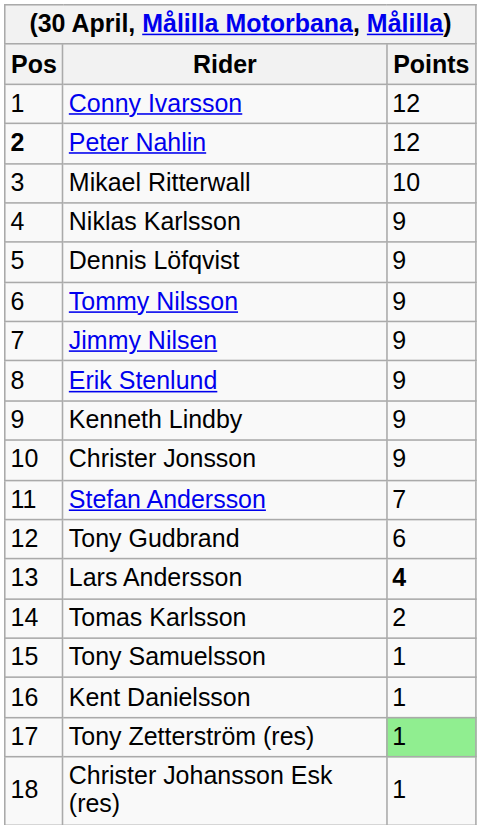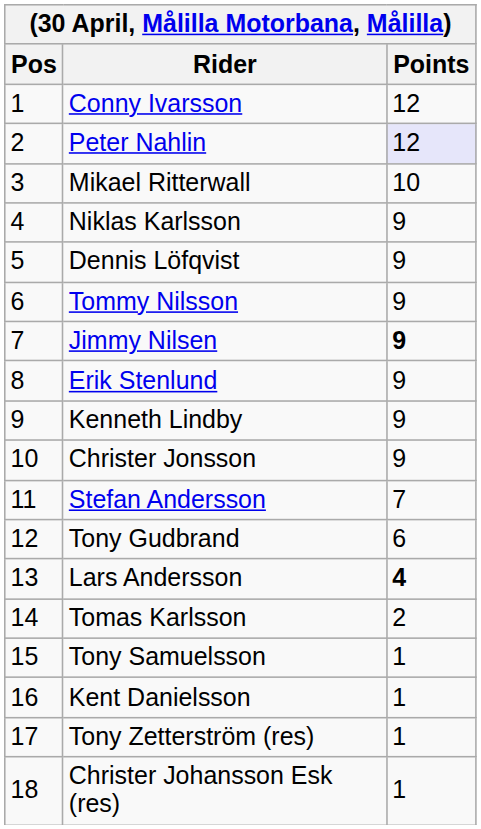 <table class="wikitable">
 <tr>
 <th colspan="6">(30 April, <a href='#'>Målilla Motorbana</a>, <a href='#'>Målilla</a>)</th>
 </tr>
 <tr>
 <th width=30>Pos</th>
 <th width=200>Rider</th>
 <th width=50>Points</th>
 </tr>
 <tr>
 <td>1</td>
 <td style="text-align:left;"><a href='#'>Conny Ivarsson</a></td>
 <td>12</td>
 </tr>
 <tr>
-<td><strong>2</strong></td>
+<td>2</td>
 <td style="text-align:left;"><a href='#'>Peter Nahlin</a></td>
-<td>12</td>
+<td style="background: lavender;">12</td>
 </tr>
 <tr>
 <td>3</td>
 <td style="text-align:left;">Mikael Ritterwall</td>
 <td>10</td>
 </tr>
 <tr>
 <td>4</td>
 <td style="text-align:left;">Niklas Karlsson</td>
 <td>9</td>
 </tr>
 <tr>
 <td>5</td>
 <td style="text-align:left;">Dennis Löfqvist</td>
 <td>9</td>
 </tr>
 <tr>
 <td>6</td>
 <td style="text-align:left;"><a href='#'>Tommy Nilsson</a></td>
 <td>9</td>
 </tr>
 <tr>
 <td>7</td>
 <td style="text-align:left;"><a href='#'>Jimmy Nilsen</a></td>
-<td>9</td>
+<td><strong>9</strong></td>
 </tr>
 <tr>
 <td>8</td>
 <td style="text-align:left;"><a href='#'>Erik Stenlund</a></td>
 <td>9</td>
 </tr>
 <tr>
 <td>9</td>
 <td style="text-align:left;">Kenneth Lindby</td>
 <td>9</td>
 </tr>
 <tr>
 <td>10</td>
 <td style="text-align:left;">Christer Jonsson</td>
 <td>9</td>
 </tr>
 <tr>
 <td>11</td>
 <td style="text-align:left;"><a href='#'>Stefan Andersson</a></td>
 <td>7</td>
 </tr>
 <tr>
 <td>12</td>
 <td style="text-align:left;">Tony Gudbrand</td>
 <td>6</td>
 </tr>
 <tr>
 <td>13</td>
 <td style="text-align:left;">Lars Andersson</td>
 <td><strong>4</strong></td>
 </tr>
 <tr>
 <td>14</td>
 <td style="text-align:left;">Tomas Karlsson</td>
 <td>2</td>
 </tr>
 <tr>
 <td>15</td>
 <td style="text-align:left;">Tony Samuelsson</td>
 <td>1</td>
 </tr>
 <tr>
 <td>16</td>
 <td style="text-align:left;">Kent Danielsson</td>
 <td>1</td>
 </tr>
 <tr>
 <td>17</td>
 <td style="text-align:left;">Tony Zetterström  (res)</td>
-<td style="background: lightgreen;">1</td>
+<td>1</td>
 </tr>
 <tr>
 <td>18</td>
 <td style="text-align:left;">Christer Johansson Esk (res)</td>
 <td>1</td>
 </tr>
 </table>
